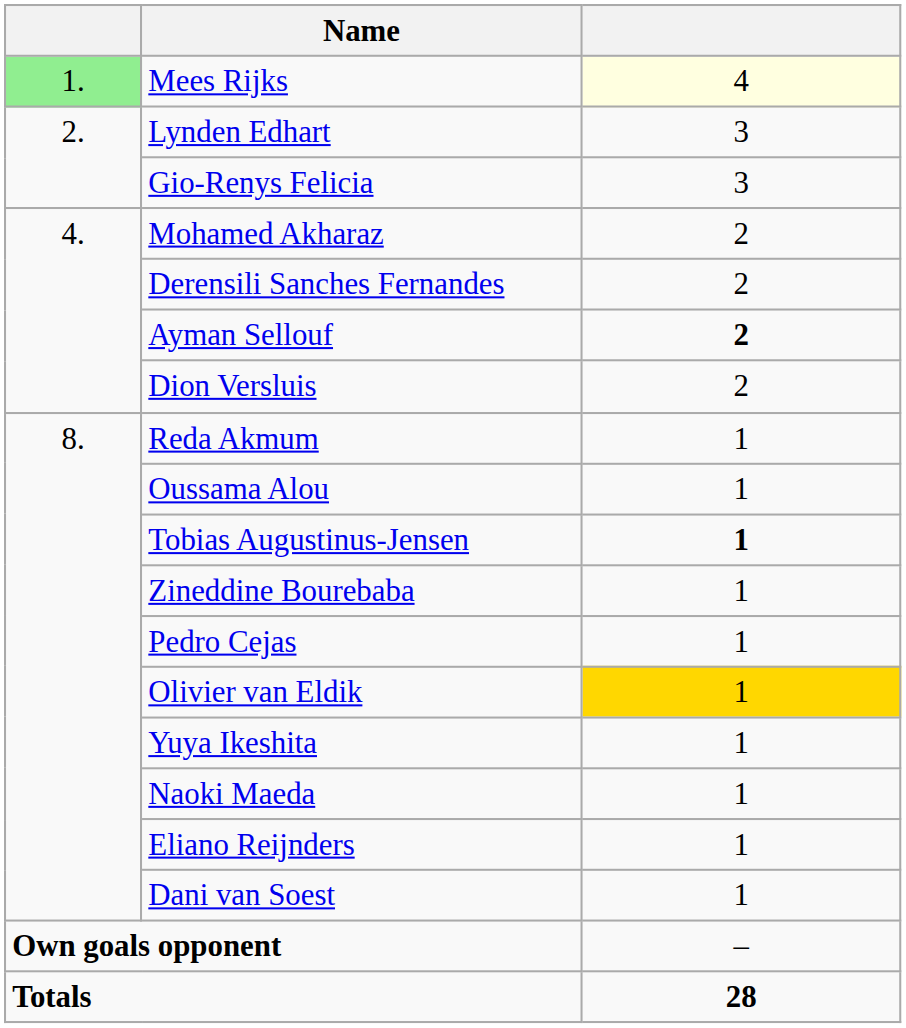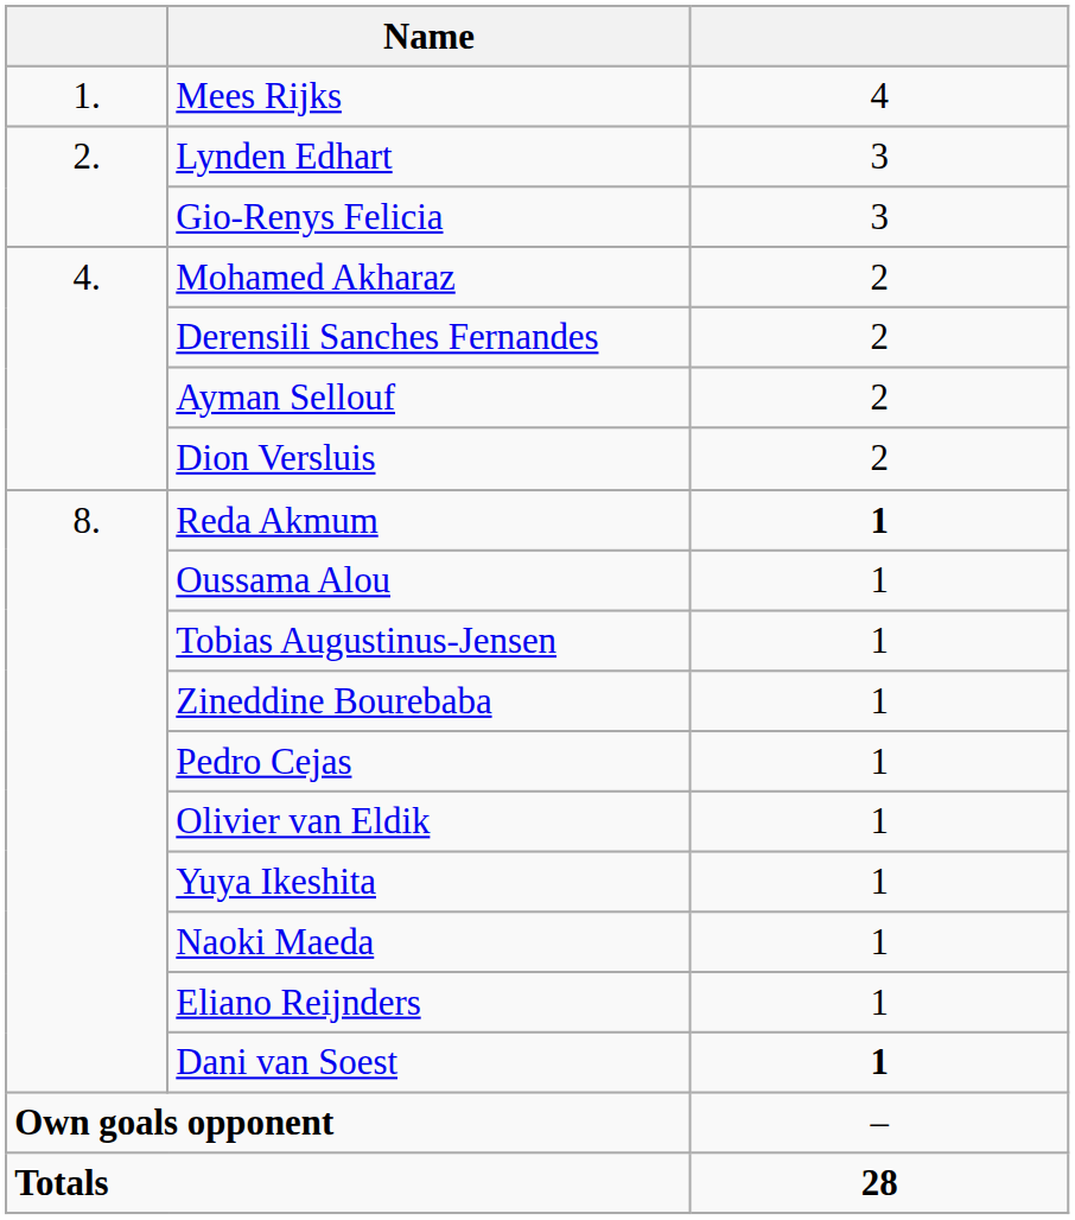 <table class="wikitable" style="font-size: 95%; text-align: center;">
 <tr>
 <th style="width: 60px;"></th>
 <th style="width: 210px;">Name</th>
 <th style="width: 150px;"></th>
 </tr>
 <tr>
-<td rowspan="1" style="background: lightgreen; vertical-align: top;">1.</td>
+<td rowspan="1" style="vertical-align: top;">1.</td>
 <td style="text-align: left;"><strong></strong> <a href='#'>Mees Rijks</a></td>
-<td style="background: lightyellow;">4</td>
+<td>4</td>
 </tr>
 <tr>
 <td rowspan="2" style="vertical-align: top;">2.</td>
 <td style="text-align: left;"><strong></strong> <a href='#'>Lynden Edhart</a></td>
 <td>3</td>
 </tr>
 <tr>
 <td style="text-align: left;"><strong></strong> <a href='#'>Gio-Renys Felicia</a></td>
 <td>3</td>
 </tr>
 <tr>
 <td rowspan="4" style="vertical-align: top;">4.</td>
 <td style="text-align: left;"><strong></strong> <a href='#'>Mohamed Akharaz</a></td>
 <td>2</td>
 </tr>
 <tr>
 <td style="text-align: left;"><strong></strong> <a href='#'>Derensili Sanches Fernandes</a></td>
 <td>2</td>
 </tr>
 <tr>
 <td style="text-align: left;"><strong></strong> <a href='#'>Ayman Sellouf</a></td>
-<td><strong>2</strong></td>
+<td>2</td>
 </tr>
 <tr>
 <td style="text-align: left;"><strong></strong> <a href='#'>Dion Versluis</a></td>
 <td>2</td>
 </tr>
 <tr>
 <td rowspan="10" style="vertical-align: top;">8.</td>
 <td style="text-align: left;"><strong></strong> <a href='#'>Reda Akmum</a></td>
-<td>1</td>
+<td><strong>1</strong></td>
 </tr>
 <tr>
 <td style="text-align: left;"><strong></strong> <a href='#'>Oussama Alou</a></td>
 <td>1</td>
 </tr>
 <tr>
 <td style="text-align: left;"><strong></strong> <a href='#'>Tobias Augustinus-Jensen</a></td>
-<td><strong>1</strong></td>
+<td>1</td>
 </tr>
 <tr>
 <td style="text-align: left;"><strong></strong> <a href='#'>Zineddine Bourebaba</a></td>
 <td>1</td>
 </tr>
 <tr>
 <td style="text-align: left;"><strong></strong> <a href='#'>Pedro Cejas</a></td>
 <td>1</td>
 </tr>
 <tr>
 <td style="text-align: left;"><strong></strong> <a href='#'>Olivier van Eldik</a></td>
-<td style="background: gold;">1</td>
+<td>1</td>
 </tr>
 <tr>
 <td style="text-align: left;"><strong></strong> <a href='#'>Yuya Ikeshita</a></td>
 <td>1</td>
 </tr>
 <tr>
 <td style="text-align: left;"><strong></strong> <a href='#'>Naoki Maeda</a></td>
 <td>1</td>
 </tr>
 <tr>
 <td style="text-align: left;"><strong></strong> <a href='#'>Eliano Reijnders</a></td>
 <td>1</td>
 </tr>
 <tr>
 <td style="text-align: left;"><strong></strong> <a href='#'>Dani van Soest</a></td>
-<td>1</td>
+<td><strong>1</strong></td>
 </tr>
 <tr>
 <td colspan="2" style="text-align: left;"><strong>Own goals opponent</strong></td>
 <td>–</td>
 </tr>
 <tr>
 <td colspan="2" style="text-align: left;"><strong>Totals</strong></td>
 <td><strong>28</strong></td>
 </tr>
 </table>
